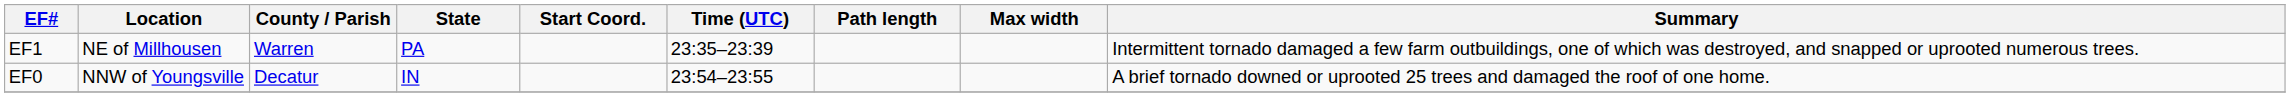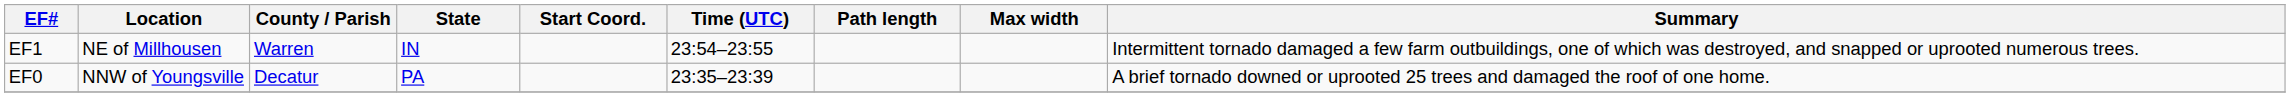 <table class="wikitable sortable" style="width:100%;">
 <tr>
 <th scope="col"  style="width:3%; text-align:center;"><a href='#'>EF#</a></th>
 <th scope="col"  style="width:7%; text-align:center;" class="unsortable">Location</th>
 <th scope="col"  style="width:6%; text-align:center;" class="unsortable">County / Parish</th>
 <th scope="col"  style="width:5%; text-align:center;">State</th>
 <th scope="col"  style="width:6%; text-align:center;">Start Coord.</th>
 <th scope="col"  style="width:6%; text-align:center;">Time (<a href='#'>UTC</a>)</th>
 <th scope="col"  style="width:6%; text-align:center;">Path length</th>
 <th scope="col"  style="width:6%; text-align:center;">Max width</th>
 <th scope="col" class="unsortable" style="width:48%; text-align:center;">Summary</th>
 </tr>
 <tr>
 <td>EF1</td>
 <td>NE of <a href='#'>Millhousen</a></td>
 <td><a href='#'>Warren</a></td>
-<td><a href='#'>PA</a></td>
+<td><a href='#'>IN</a></td>
 <td></td>
-<td>23:35–23:39</td>
+<td>23:54–23:55</td>
 <td></td>
 <td></td>
 <td>Intermittent tornado damaged a few farm outbuildings, one of which was destroyed, and snapped or uprooted numerous trees.</td>
 </tr>
 <tr>
 <td>EF0</td>
 <td>NNW of <a href='#'>Youngsville</a></td>
 <td><a href='#'>Decatur</a></td>
-<td><a href='#'>IN</a></td>
+<td><a href='#'>PA</a></td>
 <td></td>
-<td>23:54–23:55</td>
+<td>23:35–23:39</td>
 <td></td>
 <td></td>
 <td>A brief tornado downed or uprooted 25 trees and damaged the roof of one home.</td>
 </tr>
 <tr>
 </tr>
 </table>
